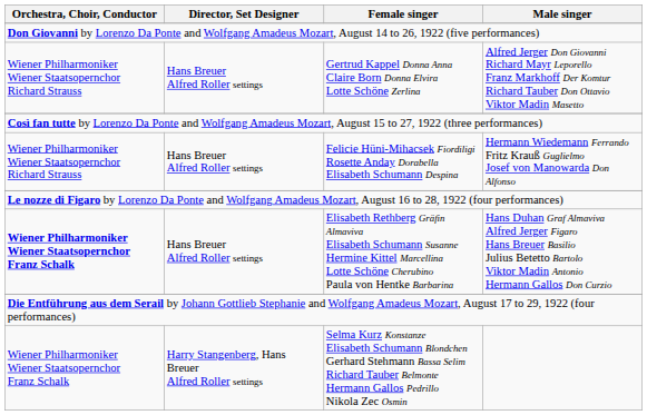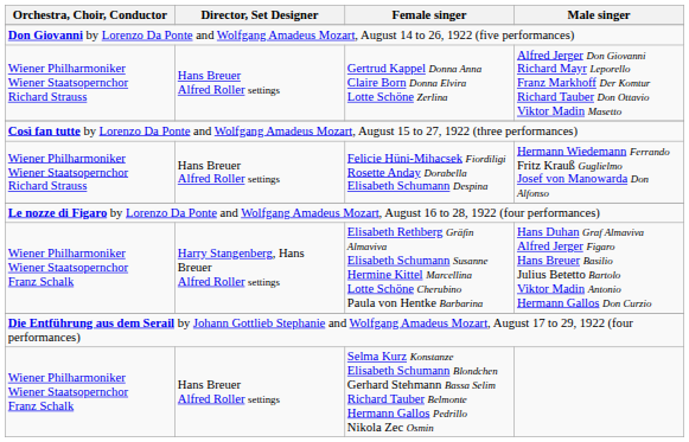 <table class="wikitable toptextcells">
 <tr class="hintergrundfarbe5">
 <th style="width:25%;">Orchestra, Choir, Conductor</th>
 <th style="width:25%;">Director, Set Designer</th>
 <th style="width:25%;">Female singer</th>
 <th style="width:25%;">Male singer</th>
 </tr>
 <tr>
 </tr>
 <tr class="hintergrundfarbe8">
 <td colspan="9"><strong><a href='#'>Don Giovanni</a></strong> by <a href='#'>Lorenzo Da Ponte</a> and <a href='#'>Wolfgang Amadeus Mozart</a>, August 14 to 26, 1922 (five performances)</td>
 </tr>
 <tr>
 <td><a href='#'>Wiener Philharmoniker</a><br><a href='#'>Wiener Staatsopernchor</a><br><a href='#'>Richard Strauss</a></td>
 <td><a href='#'>Hans Breuer</a><br><a href='#'>Alfred Roller</a> <small>settings</small></td>
 <td><a href='#'>Gertrud Kappel</a> <small><em>Donna Anna</em></small><br><a href='#'>Claire Born</a> <small><em>Donna Elvira</em></small><br><a href='#'>Lotte Schöne</a> <small><em>Zerlina</em></small></td>
 <td><a href='#'>Alfred Jerger</a> <small><em>Don Giovanni</em></small><br><a href='#'>Richard Mayr</a> <small><em>Leporello</em></small><br><a href='#'>Franz Markhoff</a> <small><em>Der Komtur</em></small><br><a href='#'>Richard Tauber</a> <small><em>Don Ottavio</em></small><br><a href='#'>Viktor Madin</a> <small><em>Masetto</em></small></td>
 </tr>
 <tr>
 </tr>
 <tr class="hintergrundfarbe8">
 <td colspan="9"><strong><a href='#'>Così fan tutte</a></strong> by <a href='#'>Lorenzo Da Ponte</a> and <a href='#'>Wolfgang Amadeus Mozart</a>, August 15 to 27, 1922 (three performances)</td>
 </tr>
 <tr>
 <td><a href='#'>Wiener Philharmoniker</a><br><a href='#'>Wiener Staatsopernchor</a><br><a href='#'>Richard Strauss</a></td>
 <td>Hans Breuer<br><a href='#'>Alfred Roller</a> <small>settings</small></td>
 <td><a href='#'>Felicie Hüni-Mihacsek</a> <small><em>Fiordiligi</em></small><br><a href='#'>Rosette Anday</a> <small><em>Dorabella</em></small><br><a href='#'>Elisabeth Schumann</a> <small><em>Despina</em></small></td>
 <td><a href='#'>Hermann Wiedemann</a> <small><em>Ferrando</em></small><br>Fritz Krauß <small><em>Guglielmo</em></small><br><a href='#'>Josef von Manowarda</a> <small><em>Don Alfonso</em></small></td>
 </tr>
 <tr>
 </tr>
 <tr class="hintergrundfarbe8">
 <td colspan="9"><strong><a href='#'>Le nozze di Figaro</a></strong> by <a href='#'>Lorenzo Da Ponte</a> and <a href='#'>Wolfgang Amadeus Mozart</a>, August 16 to 28, 1922 (four performances)</td>
 </tr>
 <tr>
-<td><strong><a href='#'>Wiener Philharmoniker</a><br><a href='#'>Wiener Staatsopernchor</a><br><a href='#'>Franz Schalk</a></strong></td>
-<td>Hans Breuer<br><a href='#'>Alfred Roller</a> <small>settings</small></td>
+<td><a href='#'>Wiener Philharmoniker</a><br><a href='#'>Wiener Staatsopernchor</a><br><a href='#'>Franz Schalk</a></td>
+<td><a href='#'>Harry Stangenberg</a>, Hans Breuer<br><a href='#'>Alfred Roller</a> <small>settings</small></td>
 <td><a href='#'>Elisabeth Rethberg</a> <small><em>Gräfin Almaviva</em></small><br><a href='#'>Elisabeth Schumann</a> <small><em>Susanne</em></small><br><a href='#'>Hermine Kittel</a> <small><em>Marcellina</em></small><br><a href='#'>Lotte Schöne</a> <small><em>Cherubino</em></small><br>Paula von Hentke <small><em>Barbarina</em></small></td>
 <td><a href='#'>Hans Duhan</a> <small><em> Graf Almaviva</em></small><br><a href='#'>Alfred Jerger</a> <small><em>Figaro</em></small><br><a href='#'>Hans Breuer</a> <small><em>Basilio</em></small><br>Julius Betetto <small><em>Bartolo</em></small><br><a href='#'>Viktor Madin</a> <small><em>Antonio</em></small><br><a href='#'>Hermann Gallos</a> <small><em>Don Curzio</em></small></td>
 </tr>
 <tr>
 </tr>
 <tr class="hintergrundfarbe8">
 <td colspan="9"><strong><a href='#'>Die Entführung aus dem Serail</a></strong> by <a href='#'>Johann Gottlieb Stephanie</a> and <a href='#'>Wolfgang Amadeus Mozart</a>, August 17 to 29, 1922 (four performances)</td>
 </tr>
 <tr>
 <td><a href='#'>Wiener Philharmoniker</a><br><a href='#'>Wiener Staatsopernchor</a><br><a href='#'>Franz Schalk</a></td>
-<td><a href='#'>Harry Stangenberg</a>, Hans Breuer<br><a href='#'>Alfred Roller</a> <small>settings</small></td>
+<td>Hans Breuer<br><a href='#'>Alfred Roller</a> <small>settings</small></td>
 <td><a href='#'>Selma Kurz</a> <small><em>Konstanze</em></small><br><a href='#'>Elisabeth Schumann</a> <small><em>Blondchen</em></small><br>Gerhard Stehmann <small><em>Bassa Selim</em></small><br><a href='#'>Richard Tauber</a> <small><em>Belmonte</em></small><br><a href='#'>Hermann Gallos</a> <small><em>Pedrillo</em></small><br>Nikola Zec <small><em>Osmin</em></small></td>
 </tr>
 </table>
